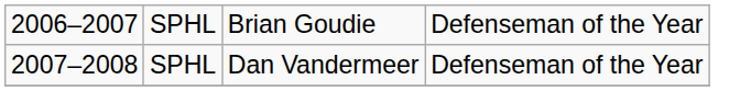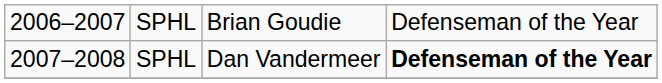 <table class="wikitable">
 <tr>
 <td>2006–2007</td>
 <td>SPHL</td>
 <td>Brian Goudie</td>
 <td>Defenseman of the Year</td>
 </tr>
 <tr>
 <td>2007–2008</td>
 <td>SPHL</td>
 <td>Dan Vandermeer</td>
-<td>Defenseman of the Year</td>
+<td><strong>Defenseman of the Year</strong></td>
 </tr>
 <tr>
 </tr>
 </table>
